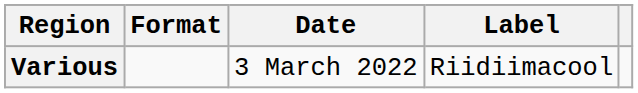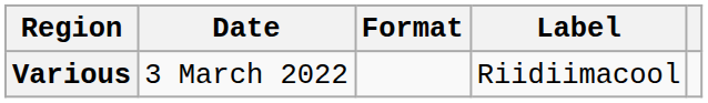 <table class="wikitable plainrowheaders">
 <tr>
 <th scope="col">Region</th>
+<th scope="col">Date</th>
 <th scope="col">Format</th>
-<th scope="col">Date</th>
 <th scope="col">Label</th>
 <th scope="col"></th>
 </tr>
 <tr>
 <th scope="row">Various</th>
+<td>3 March 2022</td>
 <td></td>
-<td>3 March 2022</td>
 <td>Riidiimacool</td>
 <td></td>
 </tr>
 </table>
